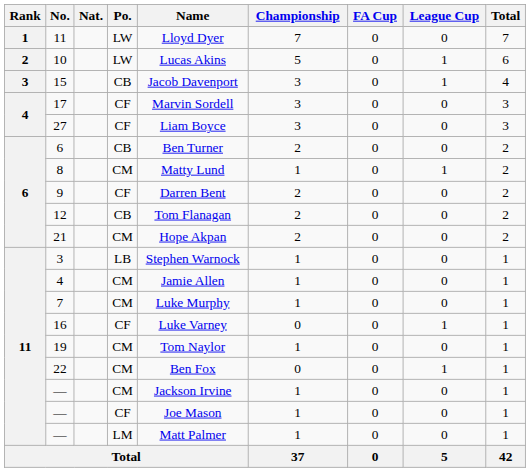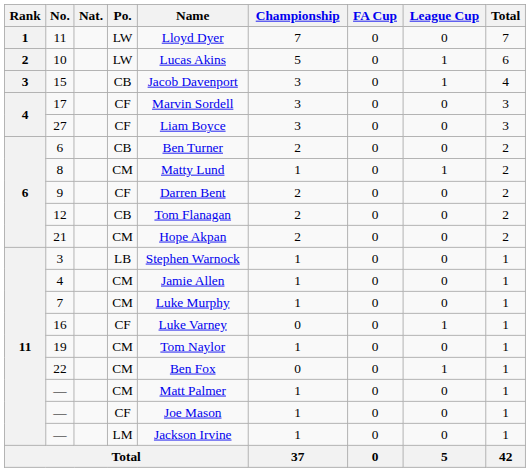 <table class="wikitable" style="text-align:center; font-size:95%; width:95%;">
 <tr>
 <th>Rank</th>
 <th>No.</th>
 <th>Nat.</th>
 <th>Po.</th>
 <th>Name</th>
 <th><a href='#'>Championship</a></th>
 <th><a href='#'>FA Cup</a></th>
 <th><a href='#'>League Cup</a></th>
 <th>Total</th>
 </tr>
 <tr>
 <th rowspan=1>1</th>
 <td>11</td>
 <td></td>
 <td>LW</td>
 <td><a href='#'>Lloyd Dyer</a></td>
 <td>7</td>
 <td>0</td>
 <td>0</td>
 <td>7</td>
 </tr>
 <tr>
 <th rowspan=1>2</th>
 <td>10</td>
 <td></td>
 <td>LW</td>
 <td><a href='#'>Lucas Akins</a></td>
 <td>5</td>
 <td>0</td>
 <td>1</td>
 <td>6</td>
 </tr>
 <tr>
 <th rowspan=1>3</th>
 <td>15</td>
 <td></td>
 <td>CB</td>
 <td><a href='#'>Jacob Davenport</a></td>
 <td>3</td>
 <td>0</td>
 <td>1</td>
 <td>4</td>
 </tr>
 <tr>
 <th rowspan=2>4</th>
 <td>17</td>
 <td></td>
 <td>CF</td>
 <td><a href='#'>Marvin Sordell</a></td>
 <td>3</td>
 <td>0</td>
 <td>0</td>
 <td>3</td>
 </tr>
 <tr>
 <td>27</td>
 <td></td>
 <td>CF</td>
 <td><a href='#'>Liam Boyce</a></td>
 <td>3</td>
 <td>0</td>
 <td>0</td>
 <td>3</td>
 </tr>
 <tr>
 <th rowspan=5>6</th>
 <td>6</td>
 <td></td>
 <td>CB</td>
 <td><a href='#'>Ben Turner</a></td>
 <td>2</td>
 <td>0</td>
 <td>0</td>
 <td>2</td>
 </tr>
 <tr>
 <td>8</td>
 <td></td>
 <td>CM</td>
 <td><a href='#'>Matty Lund</a></td>
 <td>1</td>
 <td>0</td>
 <td>1</td>
 <td>2</td>
 </tr>
 <tr>
 <td>9</td>
 <td></td>
 <td>CF</td>
 <td><a href='#'>Darren Bent</a></td>
 <td>2</td>
 <td>0</td>
 <td>0</td>
 <td>2</td>
 </tr>
 <tr>
 <td>12</td>
 <td></td>
 <td>CB</td>
 <td><a href='#'>Tom Flanagan</a></td>
 <td>2</td>
 <td>0</td>
 <td>0</td>
 <td>2</td>
 </tr>
 <tr>
 <td>21</td>
 <td></td>
 <td>CM</td>
 <td><a href='#'>Hope Akpan</a></td>
 <td>2</td>
 <td>0</td>
 <td>0</td>
 <td>2</td>
 </tr>
 <tr>
 <th rowspan=9>11</th>
 <td>3</td>
 <td></td>
 <td>LB</td>
 <td><a href='#'>Stephen Warnock</a></td>
 <td>1</td>
 <td>0</td>
 <td>0</td>
 <td>1</td>
 </tr>
 <tr>
 <td>4</td>
 <td></td>
 <td>CM</td>
 <td><a href='#'>Jamie Allen</a></td>
 <td>1</td>
 <td>0</td>
 <td>0</td>
 <td>1</td>
 </tr>
 <tr>
 <td>7</td>
 <td></td>
 <td>CM</td>
 <td><a href='#'>Luke Murphy</a></td>
 <td>1</td>
 <td>0</td>
 <td>0</td>
 <td>1</td>
 </tr>
 <tr>
 <td>16</td>
 <td></td>
 <td>CF</td>
 <td><a href='#'>Luke Varney</a></td>
 <td>0</td>
 <td>0</td>
 <td>1</td>
 <td>1</td>
 </tr>
 <tr>
 <td>19</td>
 <td></td>
 <td>CM</td>
 <td><a href='#'>Tom Naylor</a></td>
 <td>1</td>
 <td>0</td>
 <td>0</td>
 <td>1</td>
 </tr>
 <tr>
 <td>22</td>
 <td></td>
 <td>CM</td>
 <td><a href='#'>Ben Fox</a></td>
 <td>0</td>
 <td>0</td>
 <td>1</td>
 <td>1</td>
 </tr>
 <tr>
 <td>—</td>
 <td></td>
 <td>CM</td>
-<td><a href='#'>Jackson Irvine</a></td>
+<td><a href='#'>Matt Palmer</a></td>
 <td>1</td>
 <td>0</td>
 <td>0</td>
 <td>1</td>
 </tr>
 <tr>
 <td>—</td>
 <td></td>
 <td>CF</td>
 <td><a href='#'>Joe Mason</a></td>
 <td>1</td>
 <td>0</td>
 <td>0</td>
 <td>1</td>
 </tr>
 <tr>
 <td>—</td>
 <td></td>
 <td>LM</td>
-<td><a href='#'>Matt Palmer</a></td>
+<td><a href='#'>Jackson Irvine</a></td>
 <td>1</td>
 <td>0</td>
 <td>0</td>
 <td>1</td>
 </tr>
 <tr>
 <th colspan=5>Total</th>
 <th>37</th>
 <th>0</th>
 <th>5</th>
 <th>42</th>
 </tr>
 </table>
